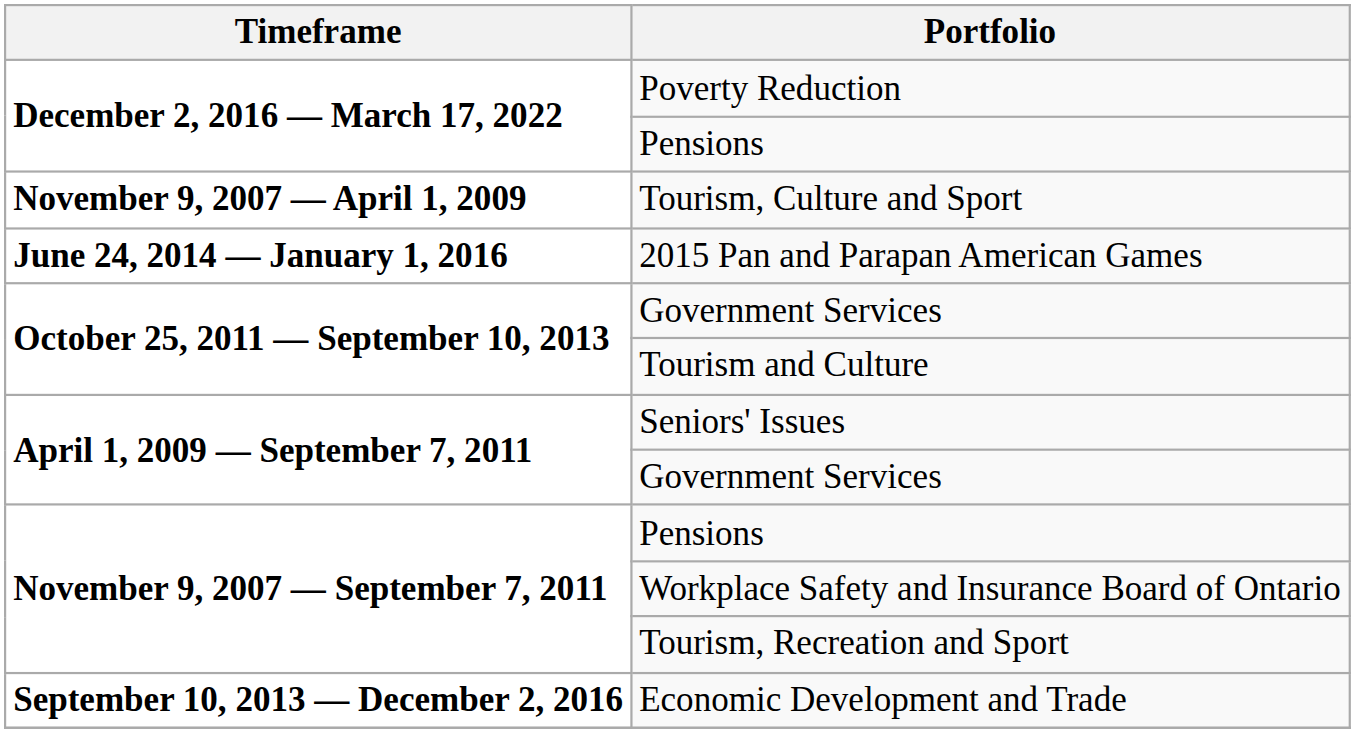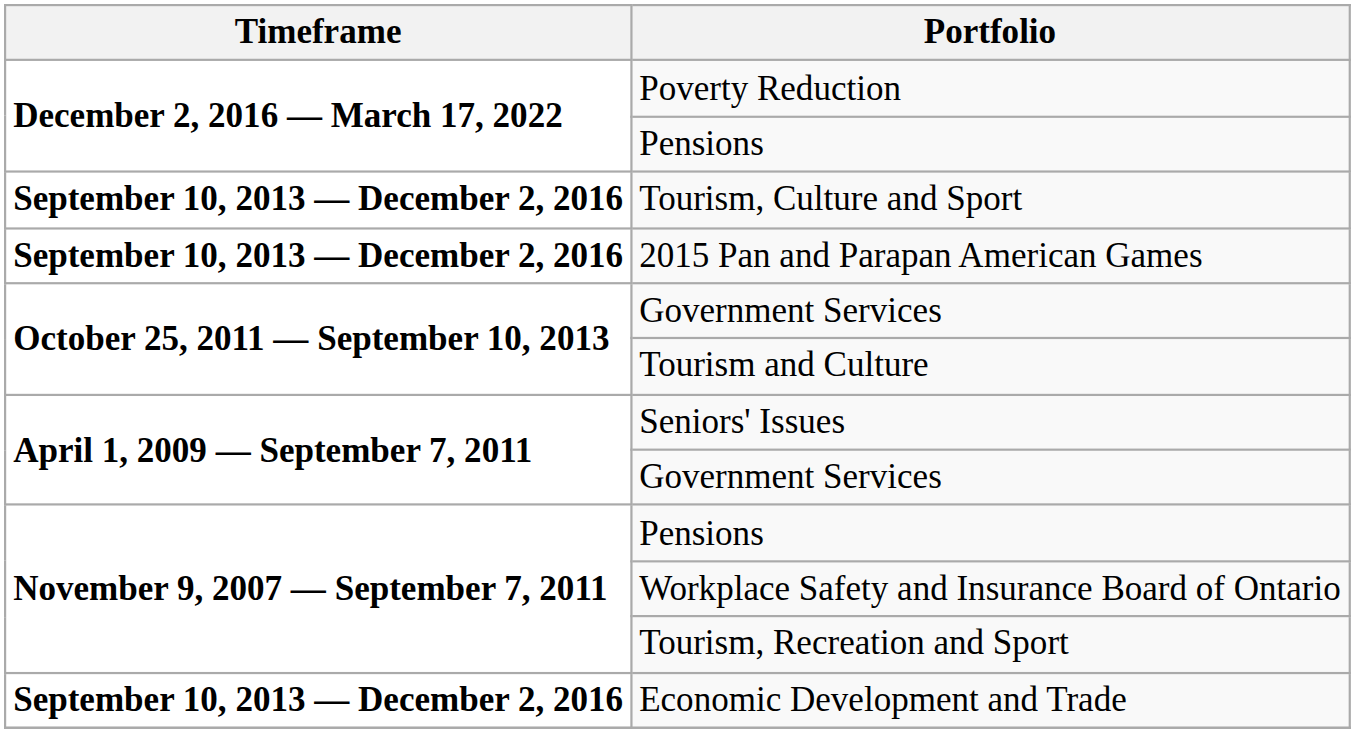 <table class="wikitable">
 <tr>
 <th>Timeframe</th>
 <th>Portfolio</th>
 </tr>
 <tr>
 <th rowspan=2 style="text-align:left;background-color:#FFFFFF;">December 2, 2016 — March 17, 2022</th>
 <td>Poverty Reduction</td>
 </tr>
 <tr>
 <td>Pensions</td>
 </tr>
 <tr>
-<th style="text-align:left;background-color:#FFFFFF;"><strong>November 9, 2007 — April 1, 2009</strong></th>
+<th style="text-align:left;background-color:#FFFFFF;"><strong>September 10, 2013 — December 2, 2016</strong></th>
 <td>Tourism, Culture and Sport</td>
 </tr>
 <tr>
-<th style="text-align:left;background-color:#FFFFFF;"><strong>June 24, 2014 — January 1, 2016</strong></th>
+<th style="text-align:left;background-color:#FFFFFF;"><strong>September 10, 2013 — December 2, 2016</strong></th>
 <td>2015 Pan and Parapan American Games</td>
 </tr>
 <tr>
 <th rowspan=2 style="text-align:left;background-color:#FFFFFF;">October 25, 2011 — September 10, 2013</th>
 <td>Government Services</td>
 </tr>
 <tr>
 <td>Tourism and Culture</td>
 </tr>
 <tr>
 <th rowspan=2 style="text-align:left;background-color:#FFFFFF;">April 1, 2009 — September 7, 2011</th>
 <td>Seniors' Issues</td>
 </tr>
 <tr>
 <td>Government Services</td>
 </tr>
 <tr>
 <th rowspan=3 style="text-align:left;background-color:#FFFFFF;">November 9, 2007 — September 7, 2011</th>
 <td>Pensions</td>
 </tr>
 <tr>
 <td>Workplace Safety and Insurance Board of Ontario</td>
 </tr>
 <tr>
 <td>Tourism, Recreation and Sport</td>
 </tr>
 <tr>
 <th style="text-align:left;background-color:#FFFFFF;"><strong>September 10, 2013 — December 2, 2016</strong></th>
 <td>Economic Development and Trade</td>
 </tr>
 <tr>
 </tr>
 </table>
